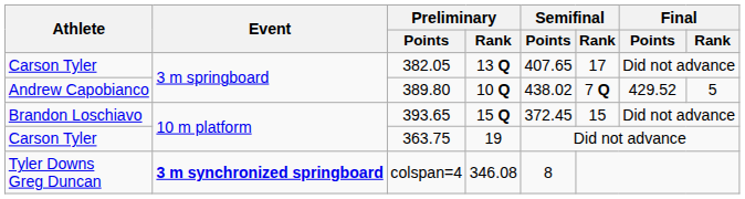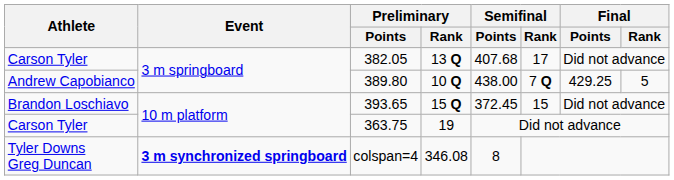 <table class=wikitable style=font-size:90%;text-align:center>
 <tr>
 <th rowspan=2>Athlete</th>
 <th rowspan=2>Event</th>
 <th colspan=2>Preliminary</th>
 <th colspan=2>Semifinal</th>
 <th colspan=2>Final</th>
 </tr>
 <tr style="font-size:95%">
 <th>Points</th>
 <th>Rank</th>
 <th>Points</th>
 <th>Rank</th>
 <th>Points</th>
 <th>Rank</th>
 </tr>
 <tr>
 <td align=left><a href='#'>Carson Tyler</a></td>
 <td align=left rowspan=2><a href='#'>3 m springboard</a></td>
 <td>382.05</td>
 <td>13 <strong>Q</strong></td>
-<td>407.65</td>
+<td>407.68</td>
 <td>17</td>
 <td colspan=2>Did not advance</td>
 </tr>
 <tr>
 <td align=left><a href='#'>Andrew Capobianco</a></td>
 <td>389.80</td>
 <td>10 <strong>Q</strong></td>
-<td>438.02</td>
+<td>438.00</td>
 <td>7 <strong>Q</strong></td>
-<td>429.52</td>
+<td>429.25</td>
 <td>5</td>
 </tr>
 <tr>
 <td align=left><a href='#'>Brandon Loschiavo</a></td>
 <td align=left rowspan=2><a href='#'>10 m platform</a></td>
 <td>393.65</td>
 <td>15 <strong>Q</strong></td>
 <td>372.45</td>
 <td>15</td>
 <td colspan=2>Did not advance</td>
 </tr>
 <tr>
 <td align=left><a href='#'>Carson Tyler</a></td>
 <td>363.75</td>
 <td>19</td>
 <td colspan=4>Did not advance</td>
 </tr>
 <tr>
 <td align=left><a href='#'>Tyler Downs</a><br><a href='#'>Greg Duncan</a></td>
 <td align=left><strong><a href='#'>3 m synchronized springboard</a></strong></td>
 <td>colspan=4 </td>
 <td>346.08</td>
 <td>8</td>
 </tr>
 </table>
